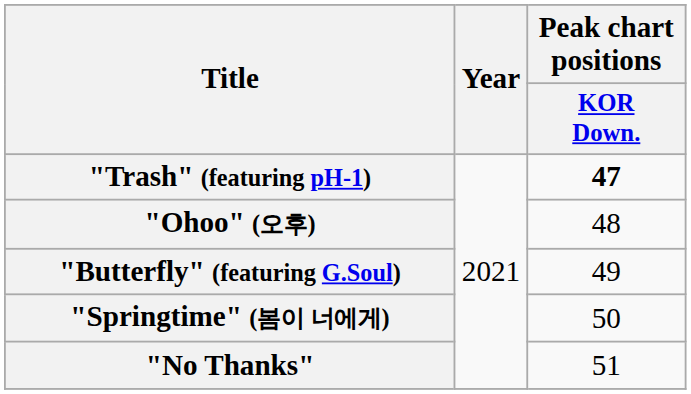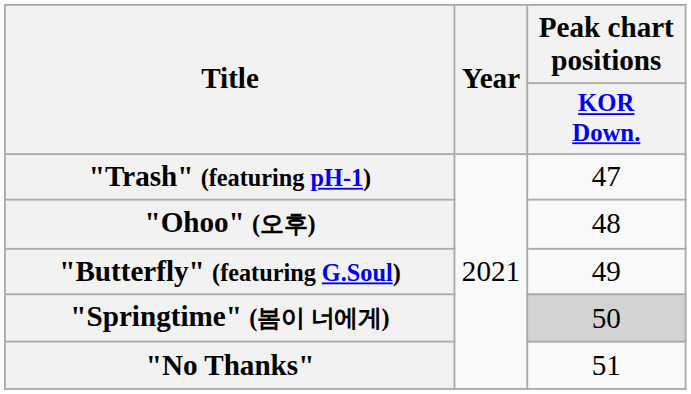 <table class="wikitable plainrowheaders" style="text-align:center;">
 <tr>
 <th scope="col" rowspan="2" style="width:15em;">Title</th>
 <th scope="col" rowspan="2">Year</th>
 <th scope="col" colspan="1" style="width:5em;">Peak chart positions</th>
 </tr>
 <tr>
 <th scope="col" style="width:3em;font-size:85%;"><a href='#'>KOR<br>Down.</a><br></th>
 </tr>
 <tr>
 <th scope="row">"Trash" <small>(featuring <a href='#'>pH-1</a>)</small></th>
 <td rowspan="5">2021</td>
-<td><strong>47</strong></td>
+<td>47</td>
 </tr>
 <tr>
 <th scope="row">"Ohoo" <small>(오후)</small></th>
 <td>48</td>
 </tr>
 <tr>
 <th scope="row">"Butterfly" <small>(featuring <a href='#'>G.Soul</a>)</small></th>
 <td>49</td>
 </tr>
 <tr>
 <th scope="row">"Springtime" <small>(봄이 너에게)</small></th>
-<td>50</td>
+<td style="background: lightgrey;">50</td>
 </tr>
 <tr>
 <th scope="row">"No Thanks"</th>
 <td>51</td>
 </tr>
 </table>
